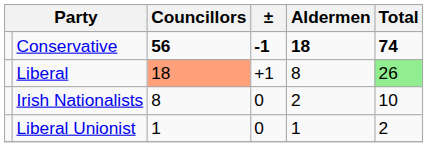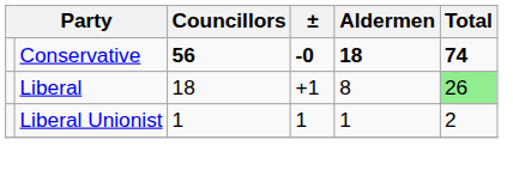 <table class="wikitable">
 <tr>
 <th colspan="2">Party</th>
 <th>Councillors</th>
 <th>  ±  </th>
 <th>Aldermen</th>
 <th>Total</th>
 </tr>
 <tr>
 <td style="background-color: "></td>
 <td><a href='#'>Conservative</a></td>
 <td><strong>56</strong></td>
-<td><strong>-1</strong></td>
+<td><strong>-0</strong></td>
 <td><strong>18</strong></td>
 <td><strong>74</strong></td>
 </tr>
 <tr>
 <td style="background-color: "></td>
 <td><a href='#'>Liberal</a></td>
-<td style="background: lightsalmon;">18</td>
+<td>18</td>
 <td>+1</td>
 <td>8</td>
 <td style="background: lightgreen;">26</td>
 </tr>
 <tr>
 <td style="background-color: "></td>
-<td><a href='#'>Irish Nationalists</a></td>
-<td>8</td>
-<td>0</td>
-<td>2</td>
-<td>10</td>
-</tr>
-<tr>
-<td style="background-color: "></td>
 <td><a href='#'>Liberal Unionist</a></td>
 <td>1</td>
-<td>0</td>
+<td>1</td>
 <td>1</td>
 <td>2</td>
 </tr>
 <tr>
 </tr>
 </table>
